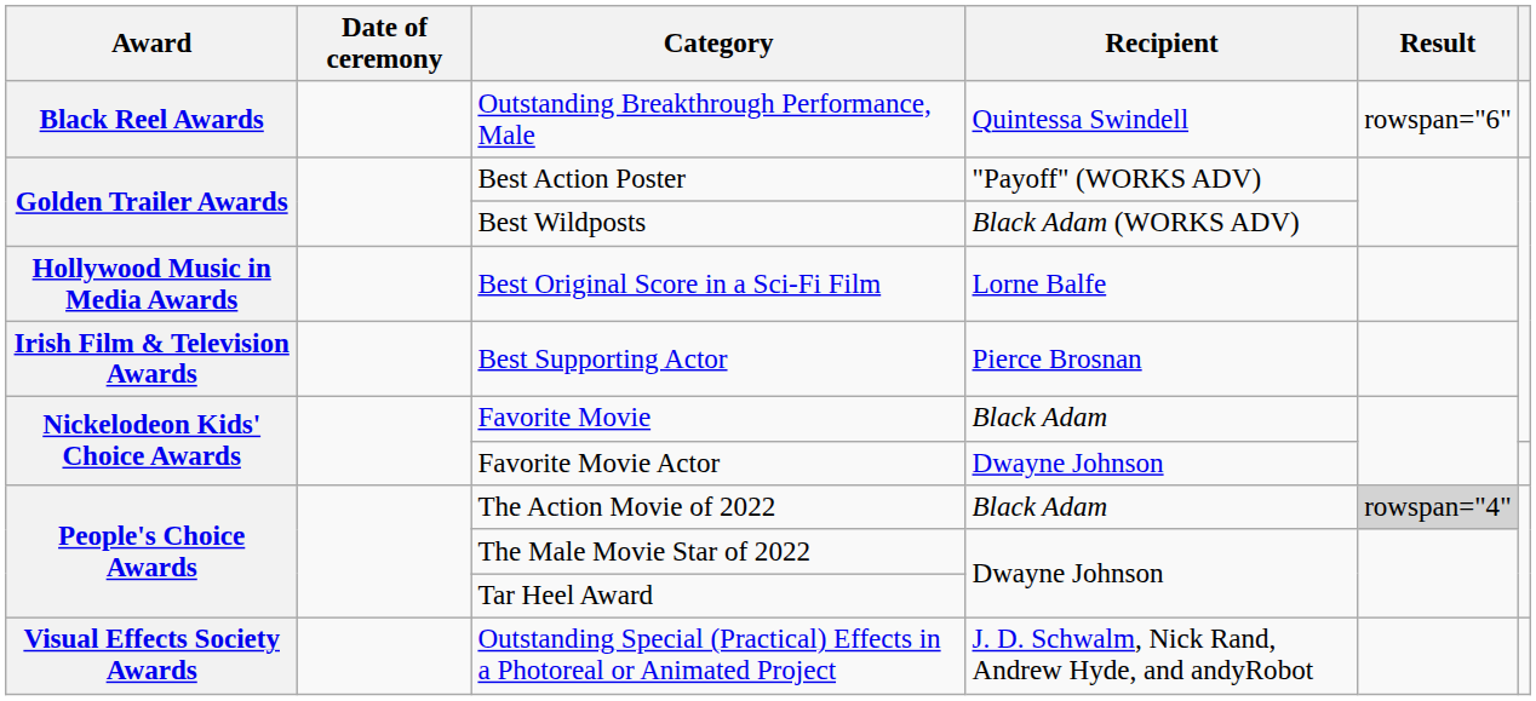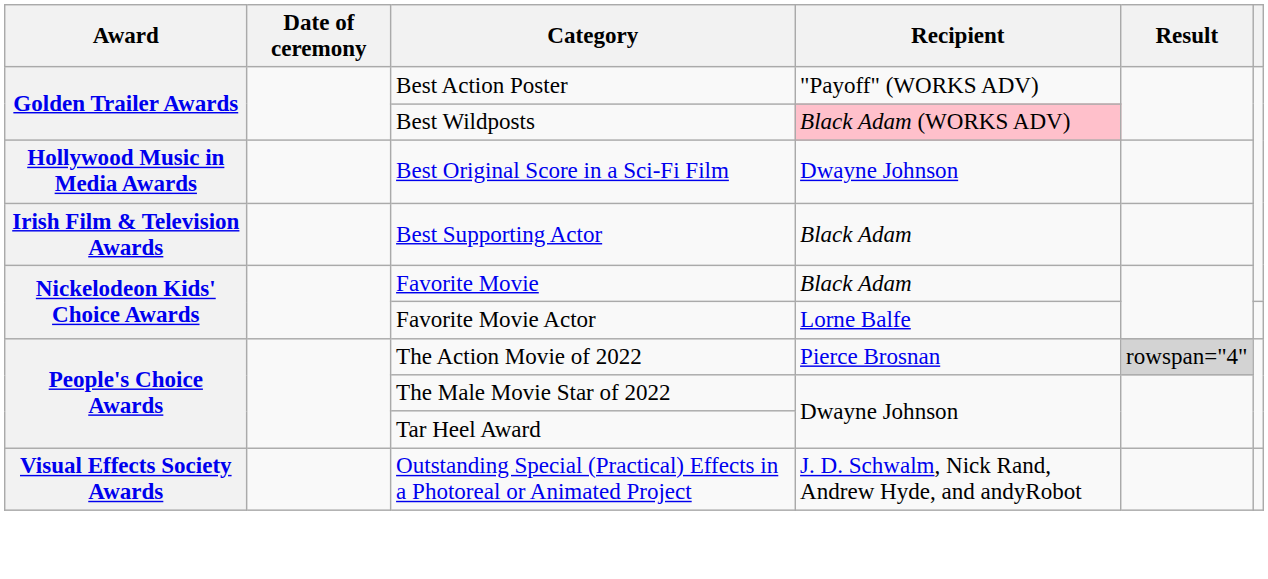 <table class="wikitable plainrowheaders sortable defaultcenter" style="width: 99%;">
 <tr>
 <th scope="col">Award</th>
 <th scope="col">Date of ceremony</th>
 <th scope="col">Category</th>
 <th scope="col">Recipient</th>
 <th scope="col">Result</th>
 <th scope="col" class="unsortable"></th>
 </tr>
 <tr>
-<th scope="row" style="text-align:center;"><a href='#'>Black Reel Awards</a></th>
-<td><a href='#'></a></td>
-<td><a href='#'>Outstanding Breakthrough Performance, Male</a></td>
-<td><a href='#'>Quintessa Swindell</a></td>
-<td>rowspan="6" </td>
-<td></td>
-</tr>
-<tr>
 <th scope="row" style="text-align:center;" rowspan="2"><a href='#'>Golden Trailer Awards</a></th>
 <td rowspan="2"></td>
 <td>Best Action Poster</td>
 <td>"Payoff" (WORKS ADV)</td>
 <td rowspan="2"></td>
 </tr>
 <tr>
 <td>Best Wildposts</td>
-<td><em>Black Adam</em> (WORKS ADV)</td>
+<td style="background: pink;"><em>Black Adam</em> (WORKS ADV)</td>
 </tr>
 <tr>
 <th scope="row" style="text-align:center;"><a href='#'>Hollywood Music in Media Awards</a></th>
 <td><a href='#'></a></td>
 <td><a href='#'>Best Original Score in a Sci-Fi Film</a></td>
-<td><a href='#'>Lorne Balfe</a></td>
+<td><a href='#'>Dwayne Johnson</a></td>
 <td></td>
 </tr>
 <tr>
 <th scope="row" style="text-align:center;"><a href='#'>Irish Film & Television Awards</a></th>
 <td><a href='#'></a></td>
 <td><a href='#'>Best Supporting Actor</a></td>
-<td><a href='#'>Pierce Brosnan</a></td>
+<td><em>Black Adam</em></td>
 <td></td>
 </tr>
 <tr>
 <th scope="row" style="text-align:center;" rowspan="2"><a href='#'>Nickelodeon Kids' Choice Awards</a></th>
 <td rowspan="2"><a href='#'></a></td>
 <td><a href='#'>Favorite Movie</a></td>
 <td><em>Black Adam</em></td>
 <td rowspan="2"></td>
 </tr>
 <tr>
 <td>Favorite Movie Actor</td>
-<td><a href='#'>Dwayne Johnson</a></td>
+<td><a href='#'>Lorne Balfe</a></td>
 <td></td>
 </tr>
 <tr>
 <th scope="row" style="text-align:center;" rowspan="3"><a href='#'>People's Choice Awards</a></th>
 <td rowspan="3"><a href='#'></a></td>
 <td>The Action Movie of 2022</td>
-<td><em>Black Adam</em></td>
+<td><a href='#'>Pierce Brosnan</a></td>
 <td style="background: lightgrey;">rowspan="4" </td>
 <td rowspan="3"></td>
 </tr>
 <tr>
 <td>The Male Movie Star of 2022</td>
 <td rowspan="2">Dwayne Johnson</td>
 </tr>
 <tr>
 <td>Tar Heel Award</td>
 </tr>
 <tr>
 <th scope="row" style="text-align:center;"><a href='#'>Visual Effects Society Awards</a></th>
 <td><a href='#'></a></td>
 <td><a href='#'>Outstanding Special (Practical) Effects in a Photoreal or Animated Project</a></td>
 <td><a href='#'>J. D. Schwalm</a>, Nick Rand, Andrew Hyde, and andyRobot</td>
 <td></td>
 </tr>
 </table>
